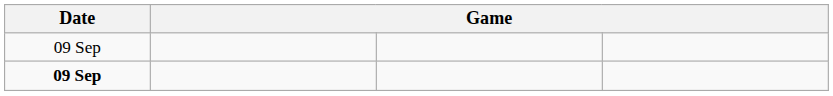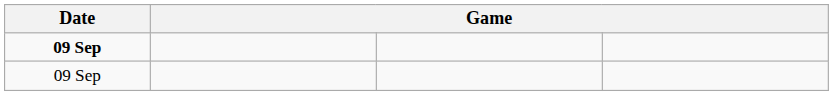 <table width=730 class="wikitable">
 <tr>
 <th width=15%>Date</th>
 <th width=70% colspan=3>Game</th>
+</tr>
+<tr style=font-size:95%>
+<td align=center><strong>09 Sep</strong></td>
+<td align=center><strong></strong></td>
+<td></td>
+<td></td>
 </tr>
 <tr style=font-size:95%>
 <td align=center>09 Sep</td>
 <td align=center><strong></strong></td>
 <td></td>
 <td></td>
 </tr>
-<tr style=font-size:95%>
-<td align=center><strong>09 Sep</strong></td>
-<td align=center><strong></strong></td>
-<td></td>
-<td></td>
-</tr>
 </table>
